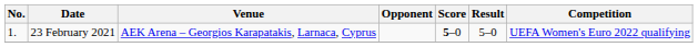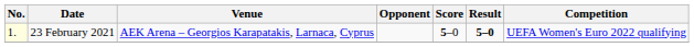 <table class="wikitable">
 <tr>
 <th>No.</th>
 <th>Date</th>
 <th>Venue</th>
 <th>Opponent</th>
 <th>Score</th>
 <th>Result</th>
 <th>Competition</th>
 </tr>
 <tr>
-<td>1.</td>
+<td style="background: lightyellow;">1.</td>
 <td>23 February 2021</td>
 <td><a href='#'>AEK Arena – Georgios Karapatakis</a>, <a href='#'>Larnaca</a>, <a href='#'>Cyprus</a></td>
 <td></td>
 <td align=center><strong>5</strong>–0</td>
-<td align=center>5–0</td>
+<td align=center><strong>5–0</strong></td>
 <td><a href='#'>UEFA Women's Euro 2022 qualifying</a></td>
 </tr>
 <tr>
 </tr>
 </table>
